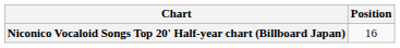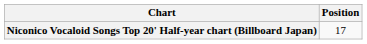 <table class="wikitable sortable plainrowheaders" style="text-align:center">
 <tr>
 <th scope="col">Chart</th>
 <th scope="col">Position</th>
 </tr>
 <tr>
 <th scope="row">Niconico Vocaloid Songs Top 20' Half-year chart (Billboard Japan)</th>
-<td>16</td>
+<td>17</td>
 </tr>
 </table>
